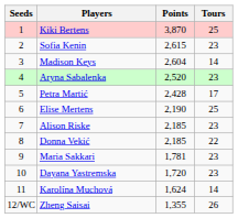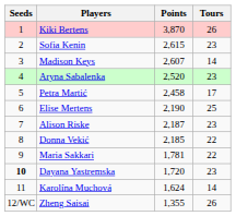 <table class="sortable wikitable"  style="float:right; text-align:center; font-size:90%; text:justify;">
 <tr>
 <th width=20>Seeds</th>
 <th width=170>Players</th>
 <th width=50>Points</th>
 <th width=50>Tours</th>
 </tr>
 <tr style="background:#fcc;">
 <td>1</td>
 <td align=left> <a href='#'>Kiki Bertens</a></td>
 <td>3,870</td>
-<td>25</td>
+<td>26</td>
 </tr>
 <tr>
 <td>2</td>
 <td align=left> <a href='#'>Sofia Kenin</a></td>
 <td>2,615</td>
 <td>23</td>
 </tr>
 <tr>
 <td>3</td>
 <td align=left> <a href='#'>Madison Keys</a></td>
-<td>2,604</td>
+<td>2,607</td>
 <td>14</td>
 </tr>
 <tr style="background:#cfc;">
 <td>4</td>
 <td align=left> <a href='#'>Aryna Sabalenka</a></td>
 <td>2,520</td>
 <td>23</td>
 </tr>
 <tr>
 <td>5</td>
 <td align=left> <a href='#'>Petra Martić</a></td>
-<td>2,428</td>
+<td>2,458</td>
 <td>17</td>
 </tr>
 <tr>
 <td>6</td>
 <td align=left> <a href='#'>Elise Mertens</a></td>
 <td>2,190</td>
 <td>25</td>
 </tr>
 <tr>
 <td>7</td>
 <td align=left> <a href='#'>Alison Riske</a></td>
-<td>2,185</td>
+<td>2,187</td>
 <td>23</td>
 </tr>
 <tr>
 <td>8</td>
 <td align=left> <a href='#'>Donna Vekić</a></td>
 <td>2,185</td>
 <td>22</td>
 </tr>
 <tr>
 <td>9</td>
 <td align=left> <a href='#'>Maria Sakkari</a></td>
 <td>1,781</td>
-<td>23</td>
+<td>22</td>
 </tr>
 <tr>
-<td>10</td>
+<td><strong>10</strong></td>
 <td align=left> <a href='#'>Dayana Yastremska</a></td>
 <td>1,720</td>
 <td>23</td>
 </tr>
 <tr>
 <td>11</td>
 <td align=left> <a href='#'>Karolína Muchová</a></td>
 <td>1,624</td>
 <td>14</td>
 </tr>
 <tr>
 <td>12/WC</td>
 <td align=left> <a href='#'>Zheng Saisai</a></td>
 <td>1,355</td>
 <td>26</td>
 </tr>
 </table>
